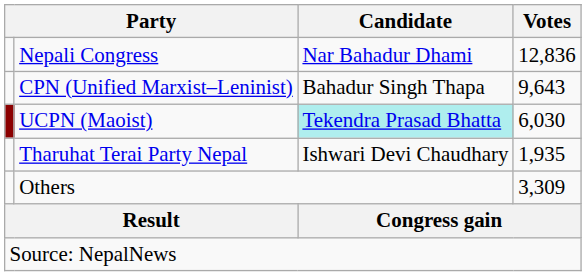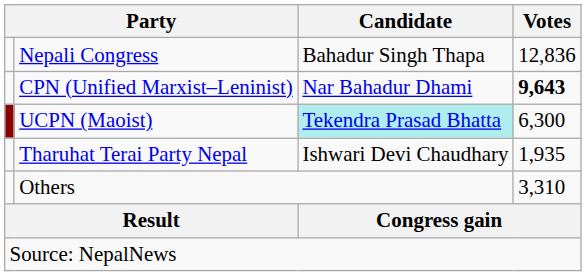 <table class="wikitable">
 <tr>
 <th colspan="2">Party</th>
 <th>Candidate</th>
 <th>Votes</th>
 </tr>
 <tr>
 <td style="background-color:"></td>
 <td><a href='#'>Nepali Congress</a></td>
-<td><a href='#'>Nar Bahadur Dhami</a></td>
+<td>Bahadur Singh Thapa</td>
 <td>12,836</td>
 </tr>
 <tr>
 <td style="background-color:"></td>
 <td><a href='#'>CPN (Unified Marxist–Leninist)</a></td>
-<td>Bahadur Singh Thapa</td>
-<td>9,643</td>
+<td><a href='#'>Nar Bahadur Dhami</a></td>
+<td><strong>9,643</strong></td>
 </tr>
 <tr>
 <td style="background-color:darkred"></td>
 <td><a href='#'>UCPN (Maoist)</a></td>
 <td style="background: paleturquoise;"><a href='#'>Tekendra Prasad Bhatta</a></td>
-<td>6,030</td>
+<td>6,300</td>
 </tr>
 <tr>
 <td></td>
 <td><a href='#'>Tharuhat Terai Party Nepal</a></td>
 <td>Ishwari Devi Chaudhary</td>
 <td>1,935</td>
 </tr>
 <tr>
 <td></td>
 <td colspan="2">Others</td>
-<td>3,309</td>
+<td>3,310</td>
 </tr>
 <tr>
 <th colspan="2">Result</th>
 <th colspan="2">Congress gain</th>
 </tr>
 <tr>
 <td colspan="4">Source: NepalNews</td>
 </tr>
 </table>
